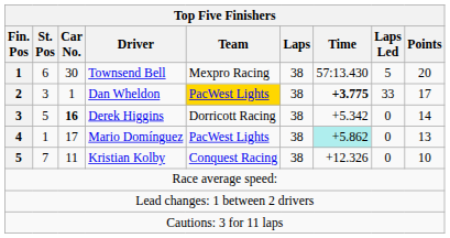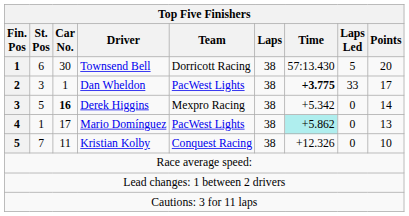 <table class="wikitable" style="font-size:95%;">
 <tr>
 <th colspan=9>Top Five Finishers</th>
 </tr>
 <tr>
 <th>Fin.<br>Pos</th>
 <th>St.<br>Pos</th>
 <th>Car<br>No.</th>
 <th>Driver</th>
 <th>Team</th>
 <th>Laps</th>
 <th>Time</th>
 <th>Laps<br>Led</th>
 <th>Points</th>
 </tr>
 <tr>
 <th>1</th>
 <td align=center>6</td>
 <td align=center>30</td>
 <td> <a href='#'>Townsend Bell</a></td>
-<td>Mexpro Racing</td>
+<td>Dorricott Racing</td>
 <td align=center>38</td>
 <td align=right>57:13.430</td>
 <td align=center>5</td>
 <td align=center>20</td>
 </tr>
 <tr>
 <th>2</th>
 <td align=center>3</td>
 <td align=center>1</td>
 <td> <a href='#'>Dan Wheldon</a></td>
-<td style="background: gold;"><a href='#'>PacWest Lights</a></td>
+<td><a href='#'>PacWest Lights</a></td>
 <td align=center>38</td>
 <td align=right><strong>+3.775</strong></td>
 <td align=center>33</td>
 <td align=center>17</td>
 </tr>
 <tr>
 <th>3</th>
 <td align=center>5</td>
 <td align=center><strong>16</strong></td>
 <td> <a href='#'>Derek Higgins</a></td>
-<td>Dorricott Racing</td>
+<td>Mexpro Racing</td>
 <td align=center>38</td>
 <td align=right>+5.342</td>
 <td align=center>0</td>
 <td align=center>14</td>
 </tr>
 <tr>
 <th>4</th>
 <td align=center>1</td>
 <td align=center>17</td>
 <td> <a href='#'>Mario Domínguez</a></td>
 <td><a href='#'>PacWest Lights</a></td>
 <td align=center>38</td>
 <td align=right style="background: paleturquoise;">+5.862</td>
 <td align=center>0</td>
 <td align=center>13</td>
 </tr>
 <tr>
 <th>5</th>
 <td align=center>7</td>
 <td align=center>11</td>
 <td> <a href='#'>Kristian Kolby</a></td>
 <td><a href='#'>Conquest Racing</a></td>
 <td align=center>38</td>
 <td align=right>+12.326</td>
 <td align=center>0</td>
 <td align=center>10</td>
 </tr>
 <tr>
 <td align=center colspan=9>Race average speed: </td>
 </tr>
 <tr>
 <td align=center colspan=9>Lead changes: 1 between 2 drivers</td>
 </tr>
 <tr>
 <td align=center colspan=9>Cautions: 3 for 11 laps</td>
 </tr>
 </table>
